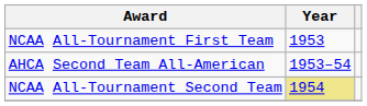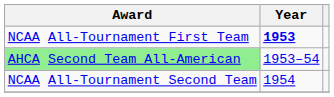 <table class="wikitable">
 <tr>
 <th>Award</th>
 <th>Year</th>
 <th></th>
 </tr>
 <tr>
 <td><a href='#'>NCAA</a> <a href='#'>All-Tournament First Team</a></td>
-<td><a href='#'>1953</a></td>
+<td><strong><a href='#'>1953</a></strong></td>
 <td></td>
 </tr>
 <tr>
-<td><a href='#'>AHCA</a> <a href='#'>Second Team All-American</a></td>
+<td style="background: lightgreen;"><a href='#'>AHCA</a> <a href='#'>Second Team All-American</a></td>
 <td><a href='#'>1953–54</a></td>
 <td></td>
 </tr>
 <tr>
 <td><a href='#'>NCAA</a> <a href='#'>All-Tournament Second Team</a></td>
-<td style="background: khaki;"><a href='#'>1954</a></td>
+<td><a href='#'>1954</a></td>
 <td></td>
 </tr>
 <tr>
 </tr>
 </table>
